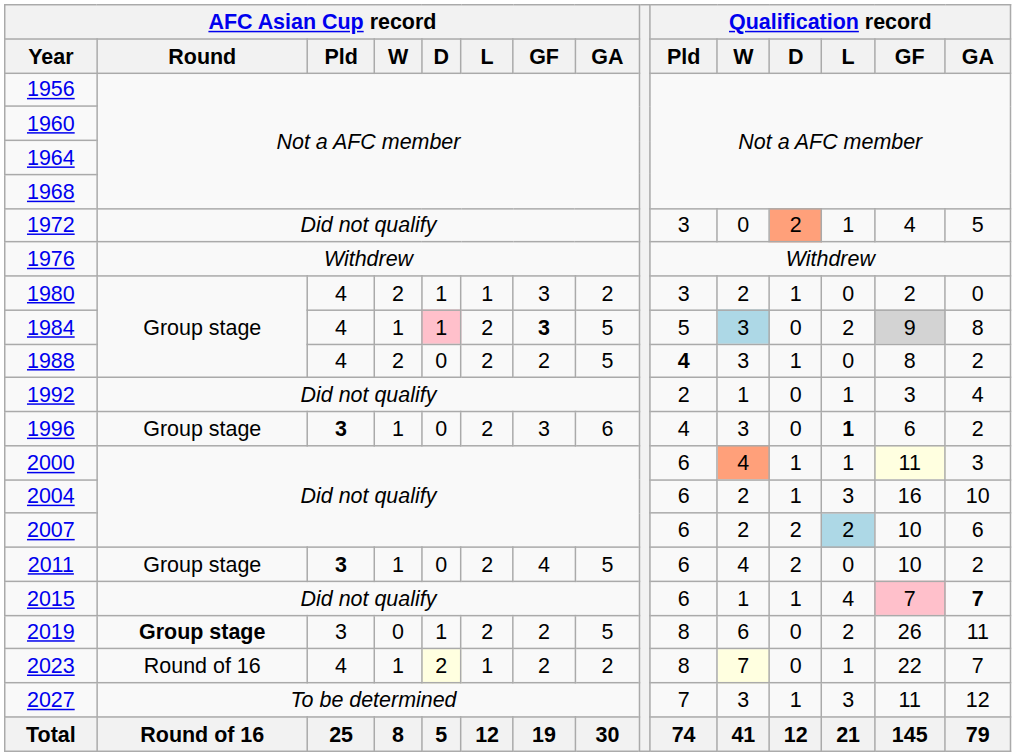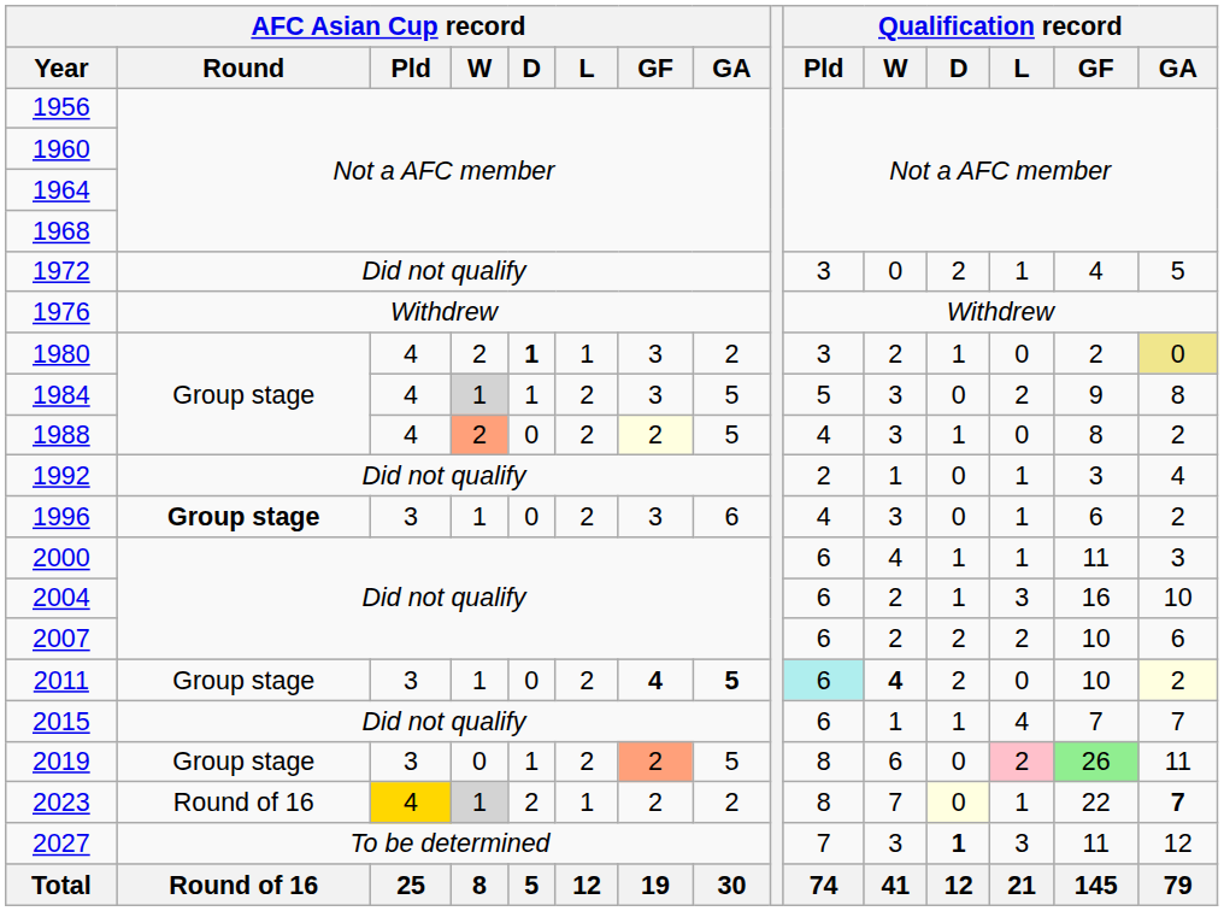 <table class="wikitable" style="text-align: center;font-size:90%;">
 <tr>
 <th colspan=8><a href='#'>AFC Asian Cup</a> record</th>
 <th width=1% rowspan=22></th>
 <th colspan=6><a href='#'>Qualification</a> record</th>
 </tr>
 <tr>
 <th>Year</th>
 <th>Round</th>
 <th>Pld</th>
 <th>W</th>
 <th>D</th>
 <th>L</th>
 <th>GF</th>
 <th>GA</th>
 <th>Pld</th>
 <th>W</th>
 <th>D</th>
 <th>L</th>
 <th>GF</th>
 <th>GA</th>
 </tr>
 <tr>
 <td> <a href='#'>1956</a></td>
 <td rowspan=4 colspan=7><em>Not a AFC member</em></td>
 <td rowspan=4 colspan=6><em>Not a AFC member</em></td>
 </tr>
 <tr>
 <td> <a href='#'>1960</a></td>
 </tr>
 <tr>
 <td> <a href='#'>1964</a></td>
 </tr>
 <tr>
 <td> <a href='#'>1968</a></td>
 </tr>
 <tr>
 <td> <a href='#'>1972</a></td>
 <td colspan=7><em>Did not qualify</em></td>
 <td>3</td>
 <td>0</td>
-<td style="background: lightsalmon;">2</td>
+<td>2</td>
 <td>1</td>
 <td>4</td>
 <td>5</td>
 </tr>
 <tr>
 <td> <a href='#'>1976</a></td>
 <td colspan=7><em>Withdrew</em></td>
 <td colspan=6><em>Withdrew</em></td>
 </tr>
 <tr>
 <td> <a href='#'>1980</a></td>
 <td rowspan=3>Group stage</td>
 <td>4</td>
 <td>2</td>
-<td>1</td>
+<td><strong>1</strong></td>
 <td>1</td>
 <td>3</td>
 <td>2</td>
 <td>3</td>
 <td>2</td>
 <td>1</td>
 <td>0</td>
 <td>2</td>
-<td>0</td>
+<td style="background: khaki;">0</td>
 </tr>
 <tr>
 <td> <a href='#'>1984</a></td>
 <td>4</td>
+<td style="background: lightgrey;">1</td>
 <td>1</td>
-<td style="background: pink;">1</td>
 <td>2</td>
-<td><strong>3</strong></td>
+<td>3</td>
 <td>5</td>
 <td>5</td>
-<td style="background: lightblue;">3</td>
+<td>3</td>
 <td>0</td>
 <td>2</td>
-<td style="background: lightgrey;">9</td>
+<td>9</td>
 <td>8</td>
 </tr>
 <tr>
 <td> <a href='#'>1988</a></td>
 <td>4</td>
-<td>2</td>
+<td style="background: lightsalmon;">2</td>
 <td>0</td>
 <td>2</td>
-<td>2</td>
+<td style="background: lightyellow;">2</td>
 <td>5</td>
-<td><strong>4</strong></td>
+<td>4</td>
 <td>3</td>
 <td>1</td>
 <td>0</td>
 <td>8</td>
 <td>2</td>
 </tr>
 <tr>
 <td> <a href='#'>1992</a></td>
 <td colspan=7><em>Did not qualify</em></td>
 <td>2</td>
 <td>1</td>
 <td>0</td>
 <td>1</td>
 <td>3</td>
 <td>4</td>
 </tr>
 <tr>
 <td> <a href='#'>1996</a></td>
-<td>Group stage</td>
-<td><strong>3</strong></td>
+<td><strong>Group stage</strong></td>
+<td>3</td>
 <td>1</td>
 <td>0</td>
 <td>2</td>
 <td>3</td>
 <td>6</td>
 <td>4</td>
 <td>3</td>
 <td>0</td>
-<td><strong>1</strong></td>
+<td>1</td>
 <td>6</td>
 <td>2</td>
 </tr>
 <tr>
 <td> <a href='#'>2000</a></td>
 <td rowspan=3 colspan=7><em>Did not qualify</em></td>
 <td>6</td>
-<td style="background: lightsalmon;">4</td>
+<td>4</td>
 <td>1</td>
 <td>1</td>
-<td style="background: lightyellow;">11</td>
+<td>11</td>
 <td>3</td>
 </tr>
 <tr>
 <td> <a href='#'>2004</a></td>
 <td>6</td>
 <td>2</td>
 <td>1</td>
 <td>3</td>
 <td>16</td>
 <td>10</td>
 </tr>
 <tr>
 <td>    <a href='#'>2007</a></td>
 <td>6</td>
 <td>2</td>
 <td>2</td>
-<td style="background: lightblue;">2</td>
+<td>2</td>
 <td>10</td>
 <td>6</td>
 </tr>
 <tr>
 <td> <a href='#'>2011</a></td>
 <td>Group stage</td>
-<td><strong>3</strong></td>
+<td>3</td>
 <td>1</td>
 <td>0</td>
 <td>2</td>
-<td>4</td>
-<td>5</td>
-<td>6</td>
-<td>4</td>
+<td><strong>4</strong></td>
+<td><strong>5</strong></td>
+<td style="background: paleturquoise;">6</td>
+<td><strong>4</strong></td>
 <td>2</td>
 <td>0</td>
 <td>10</td>
-<td>2</td>
+<td style="background: lightyellow;">2</td>
 </tr>
 <tr>
 <td> <a href='#'>2015</a></td>
 <td colspan=7><em>Did not qualify</em></td>
 <td>6</td>
 <td>1</td>
 <td>1</td>
 <td>4</td>
-<td style="background: pink;">7</td>
-<td><strong>7</strong></td>
+<td>7</td>
+<td>7</td>
 </tr>
 <tr>
 <td> <a href='#'>2019</a></td>
-<td><strong>Group stage</strong></td>
+<td>Group stage</td>
 <td>3</td>
 <td>0</td>
 <td>1</td>
 <td>2</td>
-<td>2</td>
+<td style="background: lightsalmon;">2</td>
 <td>5</td>
 <td>8</td>
 <td>6</td>
 <td>0</td>
-<td>2</td>
-<td>26</td>
+<td style="background: pink;">2</td>
+<td style="background: lightgreen;">26</td>
 <td>11</td>
 </tr>
 <tr>
 <td> <a href='#'>2023</a></td>
 <td>Round of 16</td>
-<td>4</td>
-<td>1</td>
-<td style="background: lightyellow;">2</td>
+<td style="background: gold;">4</td>
+<td style="background: lightgrey;">1</td>
+<td>2</td>
 <td>1</td>
 <td>2</td>
 <td>2</td>
 <td>8</td>
-<td style="background: lightyellow;">7</td>
-<td>0</td>
+<td>7</td>
+<td style="background: lightyellow;">0</td>
 <td>1</td>
 <td>22</td>
-<td>7</td>
+<td><strong>7</strong></td>
 </tr>
 <tr>
 <td> <a href='#'>2027</a></td>
 <td colspan=8><em>To be determined</em></td>
 <td>7</td>
 <td>3</td>
-<td>1</td>
+<td><strong>1</strong></td>
 <td>3</td>
 <td>11</td>
 <td>12</td>
 </tr>
 <tr>
 <th><strong>Total</strong></th>
 <th>Round of 16</th>
 <th>25</th>
 <th>8</th>
 <th>5</th>
 <th>12</th>
 <th>19</th>
 <th>30</th>
 <th>74</th>
 <th>41</th>
 <th>12</th>
 <th>21</th>
 <th>145</th>
 <th>79</th>
 </tr>
 </table>
